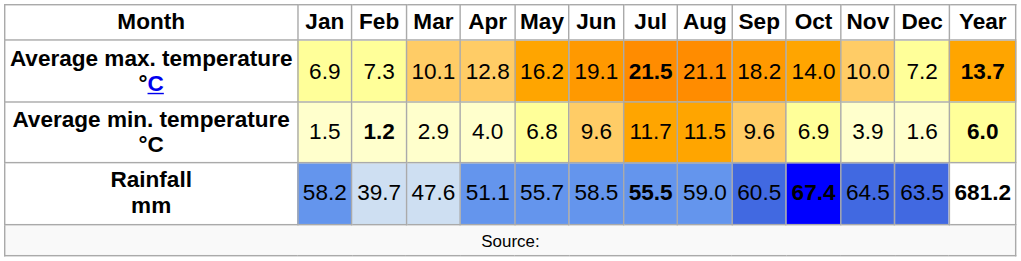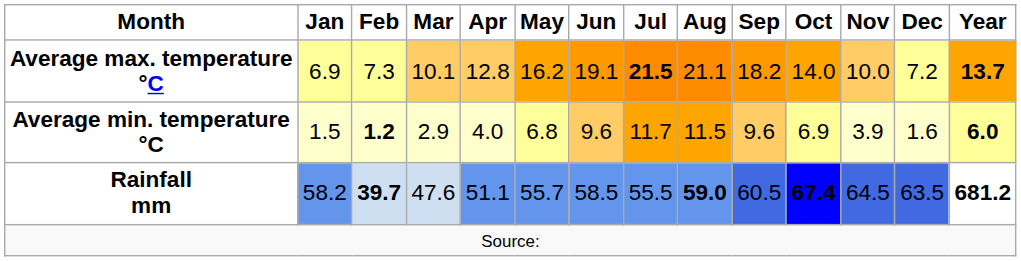 <table class="wikitable">
 <tr>
 <th style="background:#FFFFFF; height:17;">Month</th>
 <th style="background:#FFFFFF">Jan</th>
 <th style="background:#FFFFFF">Feb</th>
 <th style="background:#FFFFFF">Mar</th>
 <th style="background:#FFFFFF">Apr</th>
 <th style="background:#FFFFFF">May</th>
 <th style="background:#FFFFFF">Jun</th>
 <th style="background:#FFFFFF">Jul</th>
 <th style="background:#FFFFFF">Aug</th>
 <th style="background:#FFFFFF">Sep</th>
 <th style="background:#FFFFFF">Oct</th>
 <th style="background:#FFFFFF">Nov</th>
 <th style="background:#FFFFFF">Dec</th>
 <th style="background:#FFFFFF">Year</th>
 </tr>
 <tr Align="center">
 <th style="background:#FFFFFF; height:16;">Average max. temperature<br>°<a href='#'>C</a></th>
 <td style="background: #FFFF99;">6.9</td>
 <td style="background: #FFFF99;">7.3</td>
 <td style="background: #FFCC66;">10.1</td>
 <td style="background: #FFCC66;">12.8</td>
 <td style="background: #FFA500;">16.2</td>
 <td style="background: #FF9900;">19.1</td>
 <td style="background: #FF8C00;"><strong>21.5</strong></td>
 <td style="background: #FF8C00;">21.1</td>
 <td style="background: #FF9900;">18.2</td>
 <td style="background: #FFA500;">14.0</td>
 <td style="background: #FFCC66;">10.0</td>
 <td style="background: #FFFF99;">7.2</td>
 <td style="background: #FFA500;"><strong>13.7</strong></td>
 </tr>
 <tr Align="center">
 <th style="background:#FFFFFF">Average min. temperature<br>°C</th>
 <td style="background: #FFFFCC;">1.5</td>
 <td style="background: #FFFFCC;"><strong>1.2</strong></td>
 <td style="background: #FFFFCC;">2.9</td>
 <td style="background: #FFFFCC;">4.0</td>
 <td style="background: #FFFF99;">6.8</td>
 <td style="background: #FFCC66;">9.6</td>
 <td style="background: #FFA500;">11.7</td>
 <td style="background: #FFA500;">11.5</td>
 <td style="background: #FFCC66;">9.6</td>
 <td style="background: #FFFF99;">6.9</td>
 <td style="background: #FFFFCC;">3.9</td>
 <td style="background: #FFFFCC;">1.6</td>
 <td style="background: #FFFF99;"><strong>6.0</strong></td>
 </tr>
 <tr Align="center">
 <th style="background:#FFFFFF">Rainfall<br>mm</th>
 <td style="background:  #6495ED;">58.2</td>
-<td style="background: #cedff2;">39.7</td>
+<td style="background: #cedff2;"><strong>39.7</strong></td>
 <td style="background: #cedff2;">47.6</td>
 <td style="background: #6495ED;">51.1</td>
 <td style="background: #6495ED;">55.7</td>
 <td style="background: #6495ED;">58.5</td>
-<td style="background: #6495ED;"><strong>55.5</strong></td>
-<td style="background: #6495ED;">59.0</td>
+<td style="background: #6495ED;">55.5</td>
+<td style="background: #6495ED;"><strong>59.0</strong></td>
 <td style="background: #4169E1;">60.5</td>
 <td style="background: #0000ff;"><strong>67.4</strong></td>
 <td style="background: #4169E1;">64.5</td>
 <td style="background: #4169E1;">63.5</td>
 <td style="background: #FFFFFF;"><strong>681.2</strong></td>
 </tr>
 <tr>
 <td colspan="14" style="text-align:center;font-size:90%;"><small>Source: </small></td>
 </tr>
 </table>
